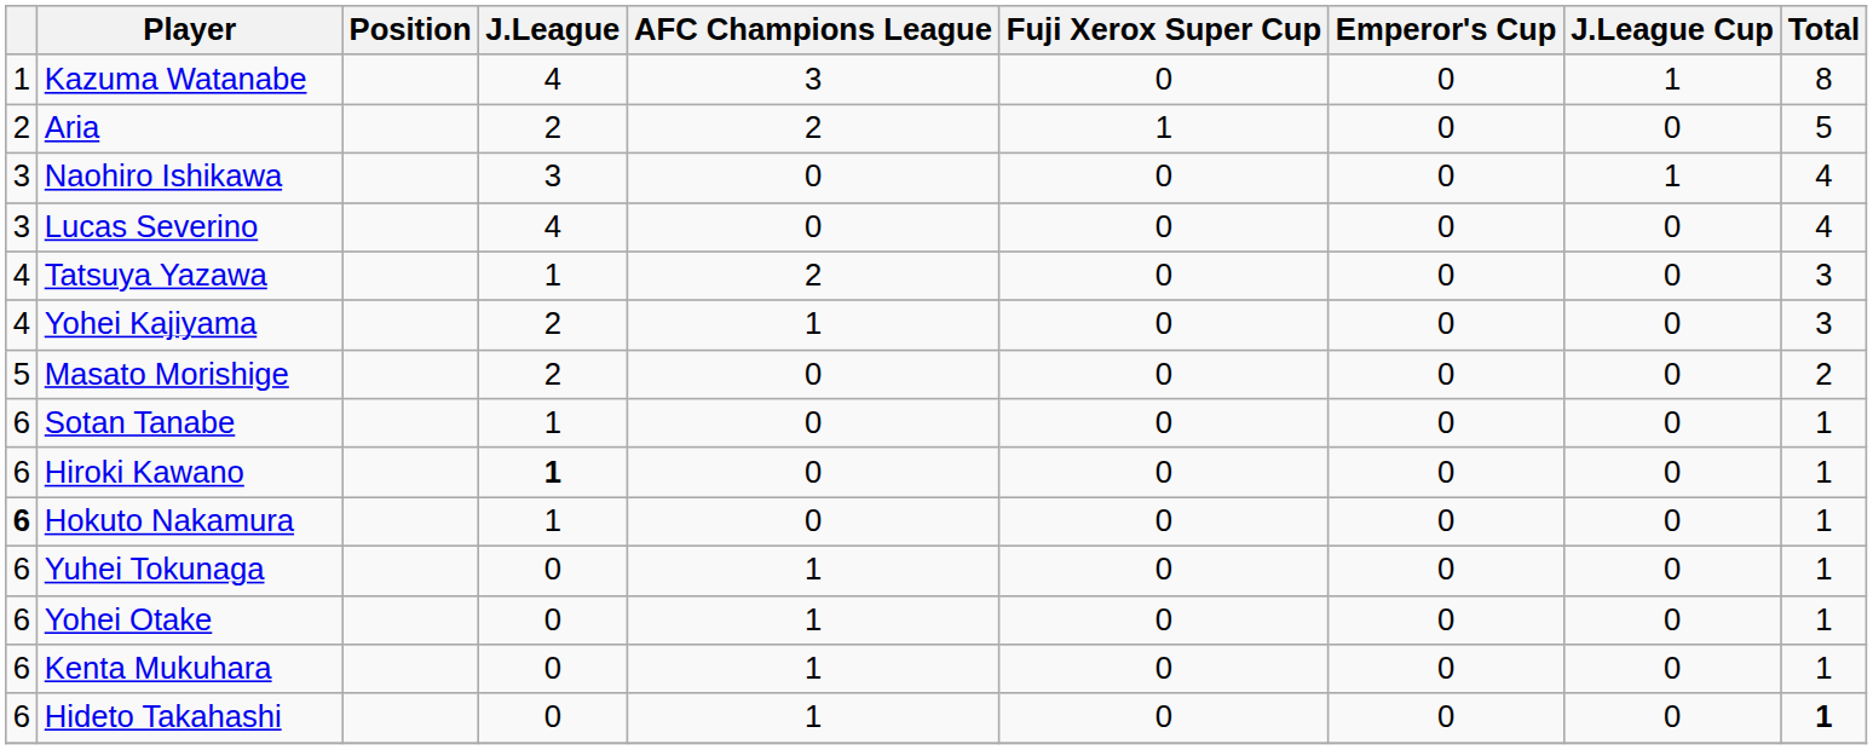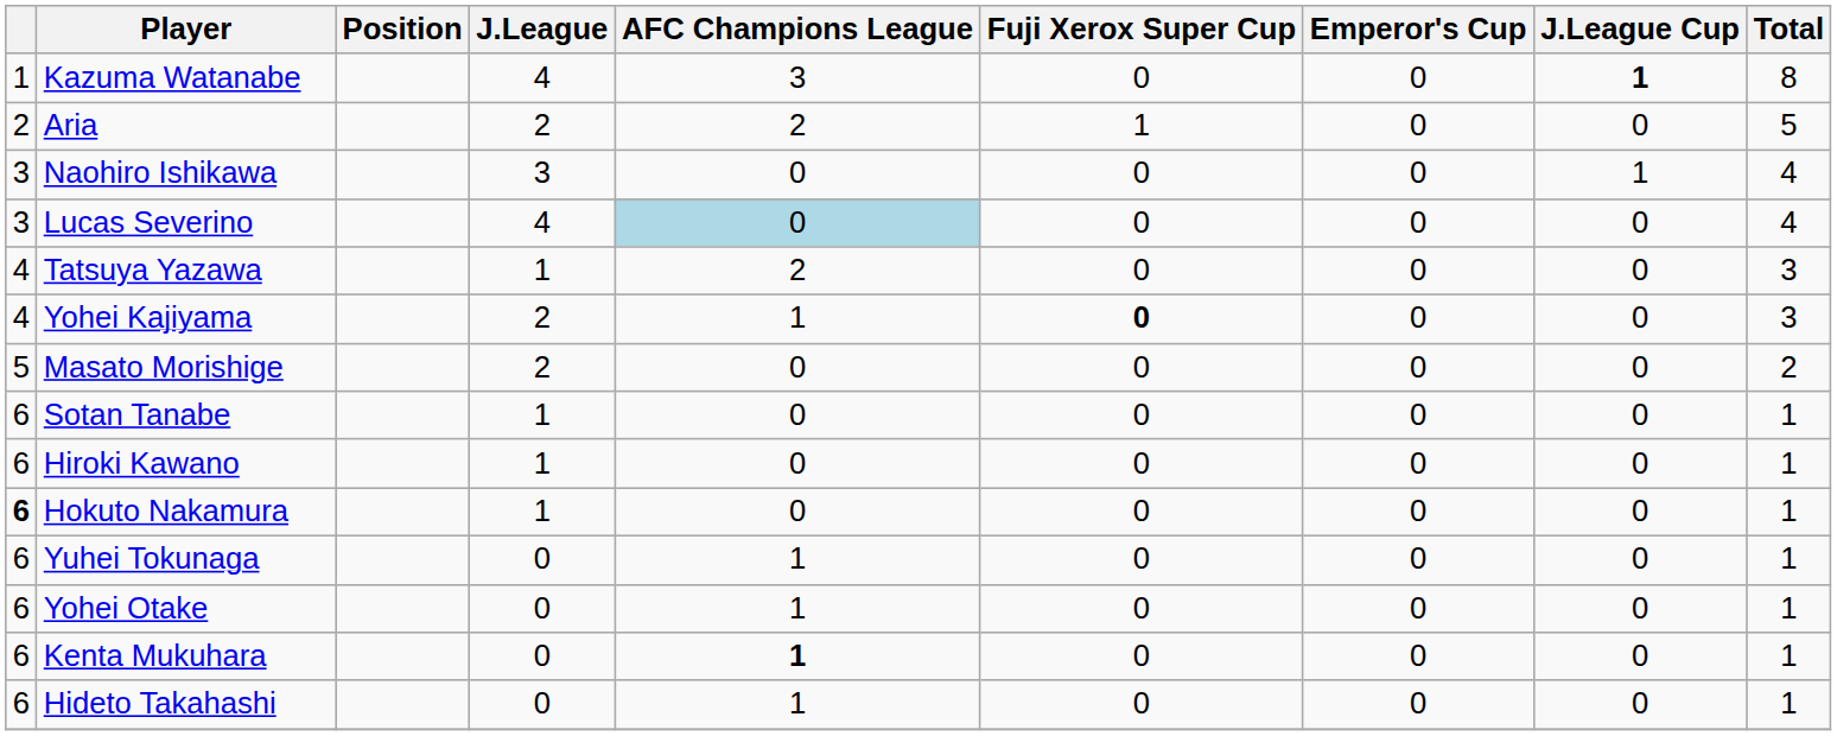 <table class="wikitable">
 <tr>
 <th></th>
 <th style="width:150px;">Player</th>
 <th>Position</th>
 <th>J.League</th>
 <th>AFC Champions League</th>
 <th>Fuji Xerox Super Cup</th>
 <th>Emperor's Cup</th>
 <th>J.League Cup</th>
 <th>Total</th>
 </tr>
 <tr>
 <td align=center>1</td>
 <td> <a href='#'>Kazuma Watanabe</a></td>
 <td align=center></td>
 <td align=center>4</td>
 <td align=center>3</td>
 <td align=center>0</td>
 <td align=center>0</td>
-<td align=center>1</td>
+<td align=center><strong>1</strong></td>
 <td align=center>8</td>
 </tr>
 <tr>
 <td align=center>2</td>
 <td> <a href='#'>Aria</a></td>
 <td align=center></td>
 <td align=center>2</td>
 <td align=center>2</td>
 <td align=center>1</td>
 <td align=center>0</td>
 <td align=center>0</td>
 <td align=center>5</td>
 </tr>
 <tr>
 <td align=center>3</td>
 <td> <a href='#'>Naohiro Ishikawa</a></td>
 <td align=center></td>
 <td align=center>3</td>
 <td align=center>0</td>
 <td align=center>0</td>
 <td align=center>0</td>
 <td align=center>1</td>
 <td align=center>4</td>
 </tr>
 <tr>
 <td align=center>3</td>
 <td> <a href='#'>Lucas Severino</a></td>
 <td align=center></td>
 <td align=center>4</td>
-<td align=center>0</td>
+<td align=center style="background: lightblue;">0</td>
 <td align=center>0</td>
 <td align=center>0</td>
 <td align=center>0</td>
 <td align=center>4</td>
 </tr>
 <tr>
 <td align=center>4</td>
 <td> <a href='#'>Tatsuya Yazawa</a></td>
 <td align=center></td>
 <td align=center>1</td>
 <td align=center>2</td>
 <td align=center>0</td>
 <td align=center>0</td>
 <td align=center>0</td>
 <td align=center>3</td>
 </tr>
 <tr>
 <td align=center>4</td>
 <td> <a href='#'>Yohei Kajiyama</a></td>
 <td align=center></td>
 <td align=center>2</td>
 <td align=center>1</td>
-<td align=center>0</td>
+<td align=center><strong>0</strong></td>
 <td align=center>0</td>
 <td align=center>0</td>
 <td align=center>3</td>
 </tr>
 <tr>
 <td align=center>5</td>
 <td> <a href='#'>Masato Morishige</a></td>
 <td align=center></td>
 <td align=center>2</td>
 <td align=center>0</td>
 <td align=center>0</td>
 <td align=center>0</td>
 <td align=center>0</td>
 <td align=center>2</td>
 </tr>
 <tr>
 <td align=center>6</td>
 <td> <a href='#'>Sotan Tanabe</a></td>
 <td align=center></td>
 <td align=center>1</td>
 <td align=center>0</td>
 <td align=center>0</td>
 <td align=center>0</td>
 <td align=center>0</td>
 <td align=center>1</td>
 </tr>
 <tr>
 <td align=center>6</td>
 <td> <a href='#'>Hiroki Kawano</a></td>
 <td align=center></td>
-<td align=center><strong>1</strong></td>
+<td align=center>1</td>
 <td align=center>0</td>
 <td align=center>0</td>
 <td align=center>0</td>
 <td align=center>0</td>
 <td align=center>1</td>
 </tr>
 <tr>
 <td align=center><strong>6</strong></td>
 <td> <a href='#'>Hokuto Nakamura</a></td>
 <td align=center></td>
 <td align=center>1</td>
 <td align=center>0</td>
 <td align=center>0</td>
 <td align=center>0</td>
 <td align=center>0</td>
 <td align=center>1</td>
 </tr>
 <tr>
 <td align=center>6</td>
 <td> <a href='#'>Yuhei Tokunaga</a></td>
 <td align=center></td>
 <td align=center>0</td>
 <td align=center>1</td>
 <td align=center>0</td>
 <td align=center>0</td>
 <td align=center>0</td>
 <td align=center>1</td>
 </tr>
 <tr>
 <td align=center>6</td>
 <td> <a href='#'>Yohei Otake</a></td>
 <td align=center></td>
 <td align=center>0</td>
 <td align=center>1</td>
 <td align=center>0</td>
 <td align=center>0</td>
 <td align=center>0</td>
 <td align=center>1</td>
 </tr>
 <tr>
 <td align=center>6</td>
 <td> <a href='#'>Kenta Mukuhara</a></td>
 <td align=center></td>
 <td align=center>0</td>
-<td align=center>1</td>
+<td align=center><strong>1</strong></td>
 <td align=center>0</td>
 <td align=center>0</td>
 <td align=center>0</td>
 <td align=center>1</td>
 </tr>
 <tr>
 <td align=center>6</td>
 <td> <a href='#'>Hideto Takahashi</a></td>
 <td align=center></td>
 <td align=center>0</td>
 <td align=center>1</td>
 <td align=center>0</td>
 <td align=center>0</td>
 <td align=center>0</td>
-<td align=center><strong>1</strong></td>
+<td align=center>1</td>
 </tr>
 <tr>
 </tr>
 </table>
